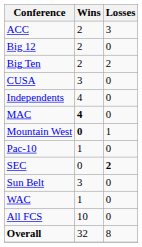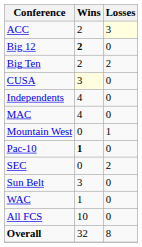 <table class="wikitable">
 <tr>
 <th>Conference</th>
 <th>Wins</th>
 <th>Losses</th>
 </tr>
 <tr>
 <td><a href='#'>ACC</a></td>
 <td>2</td>
-<td>3</td>
+<td style="background: lightyellow;">3</td>
 </tr>
 <tr>
 <td><a href='#'>Big 12</a></td>
-<td>2</td>
+<td><strong>2</strong></td>
 <td>0</td>
 </tr>
 <tr>
 <td><a href='#'>Big Ten</a></td>
 <td>2</td>
 <td>2</td>
 </tr>
 <tr>
 <td><a href='#'>CUSA</a></td>
-<td>3</td>
+<td style="background: lightyellow;">3</td>
 <td>0</td>
 </tr>
 <tr>
 <td><a href='#'>Independents</a></td>
 <td>4</td>
 <td>0</td>
 </tr>
 <tr>
 <td><a href='#'>MAC</a></td>
-<td><strong>4</strong></td>
+<td>4</td>
 <td>0</td>
 </tr>
 <tr>
 <td><a href='#'>Mountain West</a></td>
-<td><strong>0</strong></td>
+<td>0</td>
 <td>1</td>
 </tr>
 <tr>
 <td><a href='#'>Pac-10</a></td>
-<td>1</td>
+<td><strong>1</strong></td>
 <td>0</td>
 </tr>
 <tr>
 <td><a href='#'>SEC</a></td>
 <td>0</td>
-<td><strong>2</strong></td>
+<td>2</td>
 </tr>
 <tr>
 <td><a href='#'>Sun Belt</a></td>
 <td>3</td>
 <td>0</td>
 </tr>
 <tr>
 <td><a href='#'>WAC</a></td>
 <td>1</td>
 <td>0</td>
 </tr>
 <tr>
 <td><a href='#'>All FCS</a></td>
 <td>10</td>
 <td>0</td>
 </tr>
 <tr>
 <td><strong>Overall</strong></td>
 <td>32</td>
 <td>8</td>
 </tr>
 <tr>
 </tr>
 </table>
